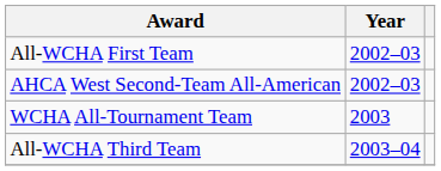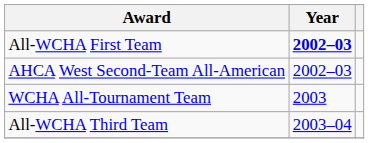 <table class="wikitable">
 <tr>
 <th>Award</th>
 <th>Year</th>
 <th></th>
 </tr>
 <tr>
 <td>All-<a href='#'>WCHA</a> <a href='#'>First Team</a></td>
-<td><a href='#'>2002–03</a></td>
+<td><strong><a href='#'>2002–03</a></strong></td>
 <td></td>
 </tr>
 <tr>
 <td><a href='#'>AHCA</a> <a href='#'>West Second-Team All-American</a></td>
 <td><a href='#'>2002–03</a></td>
 <td></td>
 </tr>
 <tr>
 <td><a href='#'>WCHA</a> <a href='#'>All-Tournament Team</a></td>
 <td><a href='#'>2003</a></td>
 <td></td>
 </tr>
 <tr>
 <td>All-<a href='#'>WCHA</a> <a href='#'>Third Team</a></td>
 <td><a href='#'>2003–04</a></td>
 <td></td>
 </tr>
 <tr>
 </tr>
 </table>
